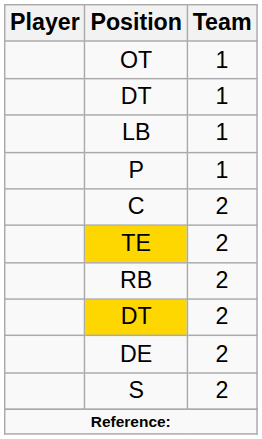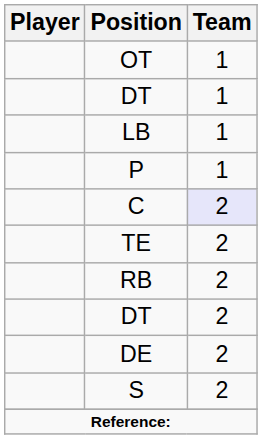 <table class="wikitable sortable sortable" style="text-align: center">
 <tr align=center>
 <th>Player</th>
 <th>Position</th>
 <th>Team</th>
 </tr>
 <tr>
 <td></td>
 <td>OT</td>
 <td>1</td>
 </tr>
 <tr>
 <td></td>
 <td>DT</td>
 <td>1</td>
 </tr>
 <tr>
 <td></td>
 <td>LB</td>
 <td>1</td>
 </tr>
 <tr>
 <td></td>
 <td>P</td>
 <td>1</td>
 </tr>
 <tr>
 <td></td>
 <td>C</td>
-<td>2</td>
+<td style="background: lavender;">2</td>
 </tr>
 <tr>
 <td></td>
-<td style="background: gold;">TE</td>
+<td>TE</td>
 <td>2</td>
 </tr>
 <tr>
 <td></td>
 <td>RB</td>
 <td>2</td>
 </tr>
 <tr>
 <td></td>
-<td style="background: gold;">DT</td>
+<td>DT</td>
 <td>2</td>
 </tr>
 <tr>
 <td></td>
 <td>DE</td>
 <td>2</td>
 </tr>
 <tr>
 <td></td>
 <td>S</td>
 <td>2</td>
 </tr>
 <tr>
 </tr>
 <tr class="sortbottom">
 <td colspan="4"  style="font-size:8pt; text-align:center;"><strong>Reference:</strong></td>
 </tr>
 </table>
